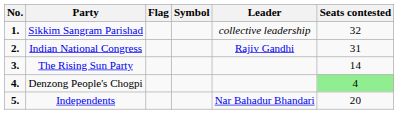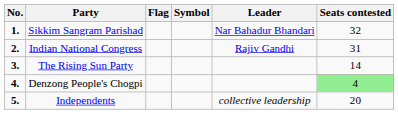 <table class="wikitable">
 <tr>
 <th>No.</th>
 <th>Party</th>
 <th>Flag</th>
 <th>Symbol</th>
 <th>Leader</th>
 <th>Seats contested</th>
 </tr>
 <tr>
 <td ! style="text-align:center; background:"><strong>1.</strong></td>
 <td style="text-align:center"><a href='#'>Sikkim Sangram Parishad</a></td>
 <td></td>
 <td></td>
-<td style="text-align:center"><em>collective leadership</em></td>
+<td style="text-align:center"><a href='#'>Nar Bahadur Bhandari</a></td>
 <td style="text-align:center">32</td>
 </tr>
 <tr>
 <td ! style="text-align:center; background:"><strong>2.</strong></td>
 <td style="text-align:center"><a href='#'>Indian National Congress</a></td>
 <td></td>
 <td></td>
 <td style="text-align:center"><a href='#'>Rajiv Gandhi</a></td>
 <td style="text-align:center">31</td>
 </tr>
 <tr>
 <td ! style="text-align:center; background:"><strong>3.</strong></td>
 <td style="text-align:center"><a href='#'>The Rising Sun Party</a></td>
 <td></td>
 <td></td>
 <td style="text-align:center"></td>
 <td style="text-align:center">14</td>
 </tr>
 <tr>
 <td ! style="text-align:center; background:"><strong>4.</strong></td>
 <td style="text-align:center">Denzong People's Chogpi</td>
 <td></td>
 <td></td>
 <td style="text-align:center"></td>
 <td style="background: lightgreen; text-align:center">4</td>
 </tr>
 <tr>
 <td ! style="text-align:center; background:"><strong>5.</strong></td>
 <td style="text-align:center"><a href='#'>Independents</a></td>
 <td></td>
 <td></td>
-<td style="text-align:center"><a href='#'>Nar Bahadur Bhandari</a></td>
+<td style="text-align:center"><em>collective leadership</em></td>
 <td style="text-align:center">20</td>
 </tr>
 </table>
